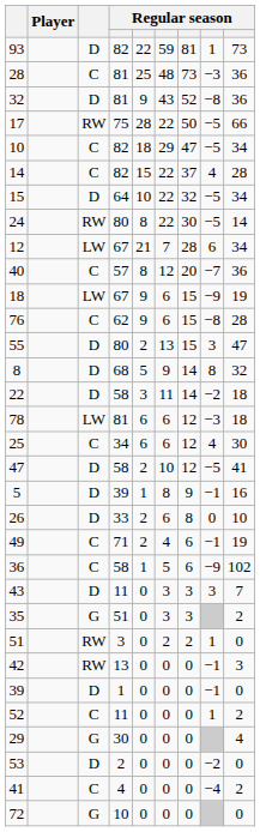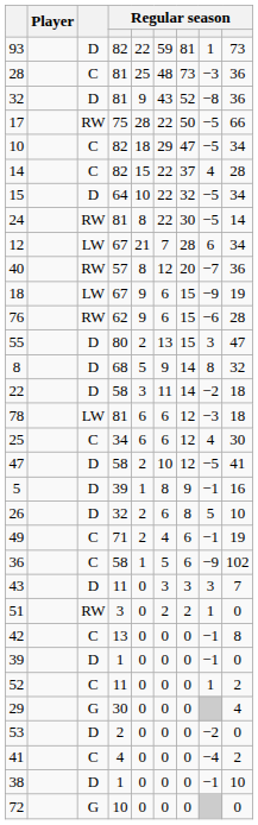 <table class="wikitable sortable plainrowheaders" style="text-align:center;">
 <tr>
 <th scope="col" data-sort-type="number" rowspan="2"></th>
 <th scope="col" rowspan="2">Player</th>
 <th scope="col" rowspan="2"></th>
 <th scope=colgroup colspan=6>Regular season</th>
 </tr>
 <tr>
 <th scope="col" data-sort-type="number"></th>
 <th scope="col" data-sort-type="number"></th>
 <th scope="col" data-sort-type="number"></th>
 <th scope="col" data-sort-type="number"></th>
 <th scope="col" data-sort-type="number"></th>
 <th scope="col" data-sort-type="number"></th>
 </tr>
 <tr>
 <td scope="row">93</td>
 <td align="left"></td>
 <td>D</td>
 <td>82</td>
 <td>22</td>
 <td>59</td>
 <td>81</td>
 <td>1</td>
 <td>73</td>
 </tr>
 <tr>
 <td scope="row">28</td>
 <td align="left"></td>
 <td>C</td>
 <td>81</td>
 <td>25</td>
 <td>48</td>
 <td>73</td>
 <td>−3</td>
 <td>36</td>
 </tr>
 <tr>
 <td scope="row">32</td>
 <td align="left"></td>
 <td>D</td>
 <td>81</td>
 <td>9</td>
 <td>43</td>
 <td>52</td>
 <td>−8</td>
 <td>36</td>
 </tr>
 <tr>
 <td scope="row">17</td>
 <td align="left"></td>
 <td>RW</td>
 <td>75</td>
 <td>28</td>
 <td>22</td>
 <td>50</td>
 <td>−5</td>
 <td>66</td>
 </tr>
 <tr>
 <td scope="row">10</td>
 <td align="left"></td>
 <td>C</td>
 <td>82</td>
 <td>18</td>
 <td>29</td>
 <td>47</td>
 <td>−5</td>
 <td>34</td>
 </tr>
 <tr>
 <td scope="row">14</td>
 <td align="left"></td>
 <td>C</td>
 <td>82</td>
 <td>15</td>
 <td>22</td>
 <td>37</td>
 <td>4</td>
 <td>28</td>
 </tr>
 <tr>
 <td scope="row">15</td>
 <td align="left"></td>
 <td>D</td>
 <td>64</td>
 <td>10</td>
 <td>22</td>
 <td>32</td>
 <td>−5</td>
 <td>34</td>
 </tr>
 <tr>
 <td scope="row">24</td>
 <td align="left"></td>
 <td>RW</td>
-<td>80</td>
+<td>81</td>
 <td>8</td>
 <td>22</td>
 <td>30</td>
 <td>−5</td>
 <td>14</td>
 </tr>
 <tr>
 <td scope="row">12</td>
 <td align="left"></td>
 <td>LW</td>
 <td>67</td>
 <td>21</td>
 <td>7</td>
 <td>28</td>
 <td>6</td>
 <td>34</td>
 </tr>
 <tr>
 <td scope="row">40</td>
 <td align="left"></td>
-<td>C</td>
+<td>RW</td>
 <td>57</td>
 <td>8</td>
 <td>12</td>
 <td>20</td>
 <td>−7</td>
 <td>36</td>
 </tr>
 <tr>
 <td scope="row">18</td>
 <td align="left"></td>
 <td>LW</td>
 <td>67</td>
 <td>9</td>
 <td>6</td>
 <td>15</td>
 <td>−9</td>
 <td>19</td>
 </tr>
 <tr>
 <td scope="row">76</td>
 <td align="left"></td>
-<td>C</td>
+<td>RW</td>
 <td>62</td>
 <td>9</td>
 <td>6</td>
 <td>15</td>
-<td>−8</td>
+<td>−6</td>
 <td>28</td>
 </tr>
 <tr>
 <td scope="row">55</td>
 <td align="left"></td>
 <td>D</td>
 <td>80</td>
 <td>2</td>
 <td>13</td>
 <td>15</td>
 <td>3</td>
 <td>47</td>
 </tr>
 <tr>
 <td scope="row">8</td>
 <td align="left"></td>
 <td>D</td>
 <td>68</td>
 <td>5</td>
 <td>9</td>
 <td>14</td>
 <td>8</td>
 <td>32</td>
 </tr>
 <tr>
 <td scope="row">22</td>
 <td align="left"></td>
 <td>D</td>
 <td>58</td>
 <td>3</td>
 <td>11</td>
 <td>14</td>
 <td>−2</td>
 <td>18</td>
 </tr>
 <tr>
 <td scope="row">78</td>
 <td align="left"></td>
 <td>LW</td>
 <td>81</td>
 <td>6</td>
 <td>6</td>
 <td>12</td>
 <td>−3</td>
 <td>18</td>
 </tr>
 <tr>
 <td scope="row">25</td>
 <td align="left"></td>
 <td>C</td>
 <td>34</td>
 <td>6</td>
 <td>6</td>
 <td>12</td>
 <td>4</td>
 <td>30</td>
 </tr>
 <tr>
 <td scope="row">47</td>
 <td align="left"></td>
 <td>D</td>
 <td>58</td>
 <td>2</td>
 <td>10</td>
 <td>12</td>
 <td>−5</td>
 <td>41</td>
 </tr>
 <tr>
 <td scope="row">5</td>
 <td align="left"></td>
 <td>D</td>
 <td>39</td>
 <td>1</td>
 <td>8</td>
 <td>9</td>
 <td>−1</td>
 <td>16</td>
 </tr>
 <tr>
 <td scope="row">26</td>
 <td align="left"></td>
 <td>D</td>
-<td>33</td>
+<td>32</td>
 <td>2</td>
 <td>6</td>
 <td>8</td>
-<td>0</td>
+<td>5</td>
 <td>10</td>
 </tr>
 <tr>
 <td scope="row">49</td>
 <td align="left"></td>
 <td>C</td>
 <td>71</td>
 <td>2</td>
 <td>4</td>
 <td>6</td>
 <td>−1</td>
 <td>19</td>
 </tr>
 <tr>
 <td scope="row">36</td>
 <td align="left"></td>
 <td>C</td>
 <td>58</td>
 <td>1</td>
 <td>5</td>
 <td>6</td>
 <td>−9</td>
 <td>102</td>
 </tr>
 <tr>
 <td scope="row">43</td>
 <td align="left"></td>
 <td>D</td>
 <td>11</td>
 <td>0</td>
 <td>3</td>
 <td>3</td>
 <td>3</td>
 <td>7</td>
 </tr>
 <tr>
-<td scope="row">35</td>
-<td align="left"></td>
-<td>G</td>
-<td>51</td>
-<td>0</td>
-<td>3</td>
-<td>3</td>
-<td style="background:#ccc"></td>
-<td>2</td>
-</tr>
-<tr>
 <td scope="row">51</td>
 <td align="left"></td>
 <td>RW</td>
 <td>3</td>
 <td>0</td>
 <td>2</td>
 <td>2</td>
 <td>1</td>
 <td>0</td>
 </tr>
 <tr>
 <td scope="row">42</td>
 <td align="left"></td>
-<td>RW</td>
+<td>C</td>
 <td>13</td>
 <td>0</td>
 <td>0</td>
 <td>0</td>
 <td>−1</td>
-<td>3</td>
+<td>8</td>
 </tr>
 <tr>
 <td scope="row">39</td>
 <td align="left"></td>
 <td>D</td>
 <td>1</td>
 <td>0</td>
 <td>0</td>
 <td>0</td>
 <td>−1</td>
 <td>0</td>
 </tr>
 <tr>
 <td scope="row">52</td>
 <td align="left"></td>
 <td>C</td>
 <td>11</td>
 <td>0</td>
 <td>0</td>
 <td>0</td>
 <td>1</td>
 <td>2</td>
 </tr>
 <tr>
 <td scope="row">29</td>
 <td align="left"></td>
 <td>G</td>
 <td>30</td>
 <td>0</td>
 <td>0</td>
 <td>0</td>
 <td style="background:#ccc"></td>
 <td>4</td>
 </tr>
 <tr>
 <td scope="row">53</td>
 <td align="left"></td>
 <td>D</td>
 <td>2</td>
 <td>0</td>
 <td>0</td>
 <td>0</td>
 <td>−2</td>
 <td>0</td>
 </tr>
 <tr>
 <td scope="row">41</td>
 <td align="left"></td>
 <td>C</td>
 <td>4</td>
 <td>0</td>
 <td>0</td>
 <td>0</td>
 <td>−4</td>
 <td>2</td>
 </tr>
 <tr>
+<td scope="row">38</td>
+<td align="left"></td>
+<td>D</td>
+<td>1</td>
+<td>0</td>
+<td>0</td>
+<td>0</td>
+<td>−1</td>
+<td>10</td>
+</tr>
+<tr>
 <td scope="row">72</td>
 <td align="left"></td>
 <td>G</td>
 <td>10</td>
 <td>0</td>
 <td>0</td>
 <td>0</td>
 <td style="background:#ccc"></td>
 <td>0</td>
 </tr>
 </table>
